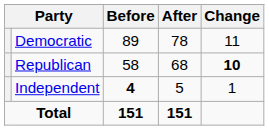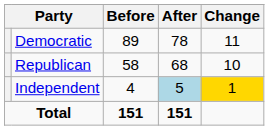 <table class="wikitable" style="text-align:center;">
 <tr>
 </tr>
 <tr>
 <th colspan=2>Party</th>
 <th>Before</th>
 <th>After</th>
 <th>Change</th>
 </tr>
 <tr>
 <th style="background-color:"></th>
 <td style="text-align:left;"><a href='#'>Democratic</a></td>
 <td>89</td>
 <td>78</td>
 <td> 11</td>
 </tr>
 <tr>
 <th style="background-color:"></th>
 <td style="text-align:left;"><a href='#'>Republican</a></td>
 <td>58</td>
 <td>68</td>
-<td><strong> 10</strong></td>
+<td> 10</td>
 </tr>
 <tr>
 <th style="background-color:"></th>
 <td style="text-align:left;"><a href='#'>Independent</a></td>
-<td><strong>4</strong></td>
-<td>5</td>
-<td> 1</td>
+<td>4</td>
+<td style="background: lightblue;">5</td>
+<td style="background: gold;"> 1</td>
 </tr>
 <tr>
 <td colspan=2><strong>Total</strong></td>
 <td><strong>151</strong></td>
 <td><strong>151</strong></td>
 <td></td>
 </tr>
 </table>
